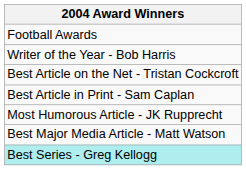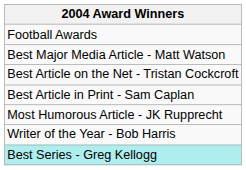 <table class="wikitable collapsible collapsed" border="1">
 <tr>
 <th>2004 Award Winners</th>
 </tr>
 <tr>
 <td>Football Awards</td>
 </tr>
 <tr>
-<td>Writer of the Year - Bob Harris</td>
+<td>Best Major Media Article - Matt Watson</td>
 </tr>
 <tr>
 <td>Best Article on the Net - Tristan Cockcroft</td>
 </tr>
 <tr>
 <td>Best Article in Print - Sam Caplan</td>
 </tr>
 <tr>
 <td>Most Humorous Article - JK Rupprecht</td>
 </tr>
 <tr>
-<td>Best Major Media Article - Matt Watson</td>
+<td>Writer of the Year - Bob Harris</td>
 </tr>
 <tr>
 <td style="background: paleturquoise;">Best Series - Greg Kellogg</td>
 </tr>
 </table>
